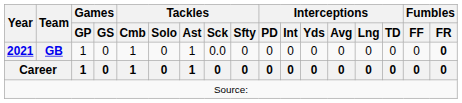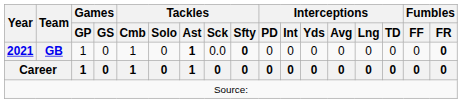 <table class="wikitable" style="text-align: center;">
 <tr>
 <th rowspan="2">Year</th>
 <th rowspan="2">Team</th>
 <th colspan="2">Games</th>
 <th colspan="5">Tackles</th>
 <th colspan="6">Interceptions</th>
 <th colspan="2">Fumbles</th>
 </tr>
 <tr>
 <th>GP</th>
 <th>GS</th>
 <th>Cmb</th>
 <th>Solo</th>
 <th>Ast</th>
 <th>Sck</th>
 <th>Sfty</th>
 <th>PD</th>
 <th>Int</th>
 <th>Yds</th>
 <th>Avg</th>
 <th>Lng</th>
 <th>TD</th>
 <th>FF</th>
 <th>FR</th>
 </tr>
 <tr>
 <th><a href='#'>2021</a></th>
 <th><a href='#'>GB</a></th>
 <td>1</td>
 <td>0</td>
 <td>1</td>
 <td>0</td>
-<td>1</td>
+<td><strong>1</strong></td>
 <td>0.0</td>
-<td>0</td>
+<td><strong>0</strong></td>
 <td>0</td>
 <td>0</td>
 <td>0</td>
 <td>0</td>
 <td>0</td>
 <td>0</td>
 <td>0</td>
 <td><strong>0</strong></td>
 </tr>
 <tr>
 <th colspan="2">Career</th>
 <th>1</th>
 <th>0</th>
 <th>1</th>
 <th>0</th>
 <th>1</th>
 <th>0</th>
 <th>0</th>
 <th>0</th>
 <th>0</th>
 <th>0</th>
 <th>0</th>
 <th>0</th>
 <th>0</th>
 <th>0</th>
 <th>0</th>
 </tr>
 <tr>
 <td colspan="17"><small>Source: </small></td>
 </tr>
 </table>
